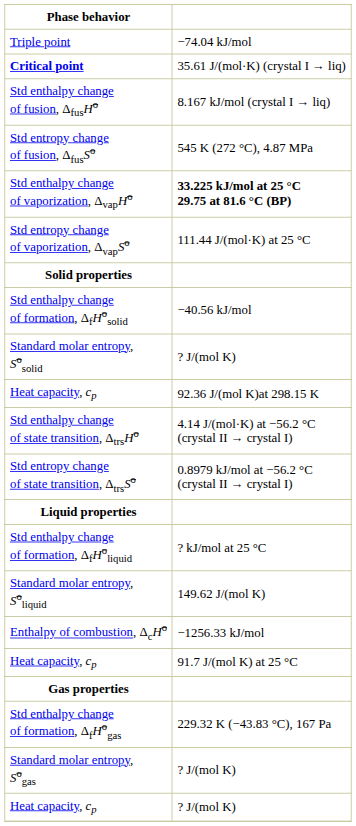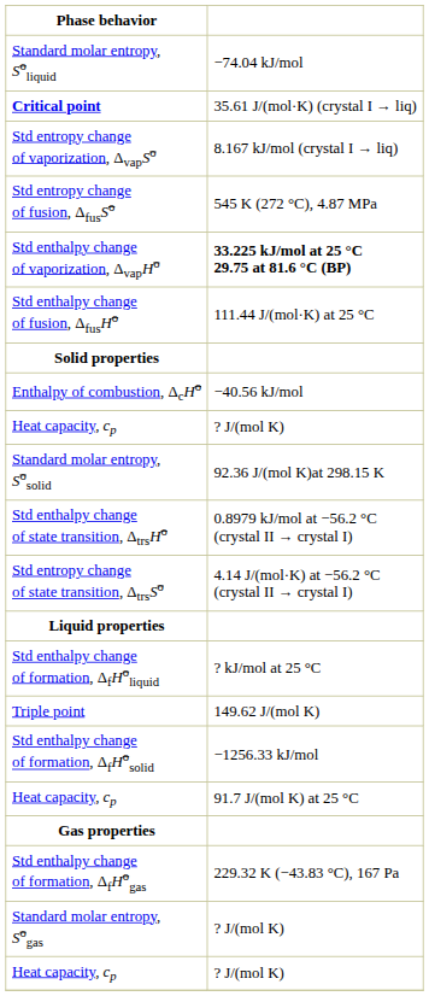 <table border="1" cellspacing="0" cellpadding="6" style="margin: 0 0 0 0.5em; background: #FFFFFF; border-collapse: collapse; border-color: #C0C090;">
 <tr>
 <th>Phase behavior</th>
 </tr>
 <tr>
-<td><a href='#'>Triple point</a></td>
+<td><a href='#'>Standard molar entropy</a>,<br><em>S</em><sup><s>o</s></sup><sub>liquid</sub></td>
 <td>−74.04 kJ/mol</td>
 </tr>
 <tr>
 <td><strong><a href='#'>Critical point</a></strong></td>
 <td>35.61 J/(mol·K) (crystal I → liq)</td>
 </tr>
 <tr>
-<td><a href='#'>Std enthalpy change<br>of fusion</a>, Δ<sub>fus</sub><em>H</em><sup><s>o</s></sup></td>
+<td><a href='#'>Std entropy change<br>of vaporization</a>, Δ<sub>vap</sub><em>S</em><sup><s>o</s></sup></td>
 <td>8.167 kJ/mol (crystal I → liq)</td>
 </tr>
 <tr>
 <td><a href='#'>Std entropy change<br>of fusion</a>, Δ<sub>fus</sub><em>S</em><sup><s>o</s></sup></td>
 <td>545 K (272 °C), 4.87 MPa</td>
 </tr>
 <tr>
 <td><a href='#'>Std enthalpy change<br>of vaporization</a>, Δ<sub>vap</sub><em>H</em><sup><s>o</s></sup></td>
 <td><strong>33.225 kJ/mol at 25 °C<br>29.75 at 81.6 °C (BP)</strong></td>
 </tr>
 <tr>
-<td><a href='#'>Std entropy change<br>of vaporization</a>, Δ<sub>vap</sub><em>S</em><sup><s>o</s></sup></td>
+<td><a href='#'>Std enthalpy change<br>of fusion</a>, Δ<sub>fus</sub><em>H</em><sup><s>o</s></sup></td>
 <td>111.44 J/(mol·K) at 25 °C</td>
 </tr>
 <tr>
 <th>Solid properties</th>
 </tr>
 <tr>
-<td><a href='#'>Std enthalpy change<br>of formation</a>, Δ<sub>f</sub><em>H</em><sup><s>o</s></sup><sub>solid</sub></td>
+<td><a href='#'>Enthalpy of combustion</a>, Δ<sub>c</sub><em>H</em><sup><s>o</s></sup></td>
 <td>−40.56 kJ/mol</td>
 </tr>
 <tr>
-<td><a href='#'>Standard molar entropy</a>,<br><em>S</em><sup><s>o</s></sup><sub>solid</sub></td>
+<td><a href='#'>Heat capacity</a>, <em>c<sub>p</sub></em></td>
 <td>? J/(mol K)</td>
 </tr>
 <tr>
-<td><a href='#'>Heat capacity</a>, <em>c<sub>p</sub></em></td>
+<td><a href='#'>Standard molar entropy</a>,<br><em>S</em><sup><s>o</s></sup><sub>solid</sub></td>
 <td>92.36 J/(mol K)at 298.15 K</td>
 </tr>
 <tr>
 <td><a href='#'>Std enthalpy change<br>of state transition</a>, Δ<sub>trs</sub><em>H</em><sup><s>o</s></sup></td>
-<td>4.14 J/(mol·K) at −56.2 °C<br>(crystal II → crystal I)</td>
+<td>0.8979 kJ/mol at −56.2 °C<br>(crystal II → crystal I)</td>
 </tr>
 <tr>
 <td><a href='#'>Std entropy change<br>of state transition</a>, Δ<sub>trs</sub><em>S</em><sup><s>o</s></sup></td>
-<td>0.8979 kJ/mol at −56.2 °C<br>(crystal II → crystal I)</td>
+<td>4.14 J/(mol·K) at −56.2 °C<br>(crystal II → crystal I)</td>
 </tr>
 <tr>
 <th>Liquid properties</th>
 </tr>
 <tr>
 <td><a href='#'>Std enthalpy change<br>of formation</a>, Δ<sub>f</sub><em>H</em><sup><s>o</s></sup><sub>liquid</sub></td>
 <td>? kJ/mol at 25 °C</td>
 </tr>
 <tr>
-<td><a href='#'>Standard molar entropy</a>,<br><em>S</em><sup><s>o</s></sup><sub>liquid</sub></td>
+<td><a href='#'>Triple point</a></td>
 <td>149.62 J/(mol K)</td>
 </tr>
 <tr>
-<td><a href='#'>Enthalpy of combustion</a>, Δ<sub>c</sub><em>H</em><sup><s>o</s></sup></td>
+<td><a href='#'>Std enthalpy change<br>of formation</a>, Δ<sub>f</sub><em>H</em><sup><s>o</s></sup><sub>solid</sub></td>
 <td>−1256.33 kJ/mol</td>
 </tr>
 <tr>
 <td><a href='#'>Heat capacity</a>, <em>c<sub>p</sub></em></td>
 <td>91.7 J/(mol K) at 25 °C</td>
 </tr>
 <tr>
 <th>Gas properties</th>
 </tr>
 <tr>
 <td><a href='#'>Std enthalpy change<br>of formation</a>, Δ<sub>f</sub><em>H</em><sup><s>o</s></sup><sub>gas</sub></td>
 <td>229.32 K (−43.83 °C), 167 Pa</td>
 </tr>
 <tr>
 <td><a href='#'>Standard molar entropy</a>,<br><em>S</em><sup><s>o</s></sup><sub>gas</sub></td>
 <td>? J/(mol K)</td>
 </tr>
 <tr>
 <td><a href='#'>Heat capacity</a>, <em>c<sub>p</sub></em></td>
 <td>? J/(mol K)</td>
 </tr>
 <tr>
 </tr>
 </table>
